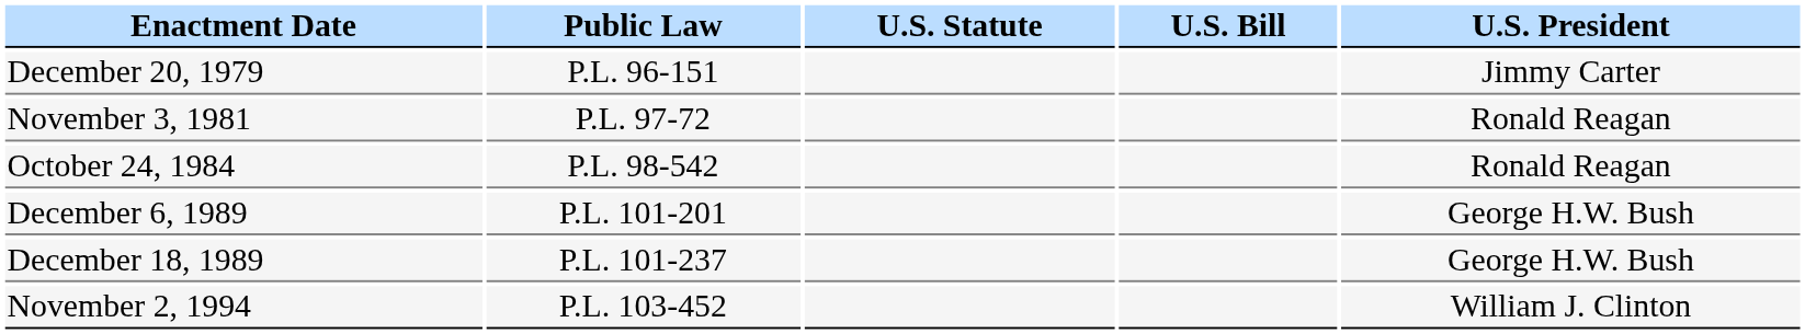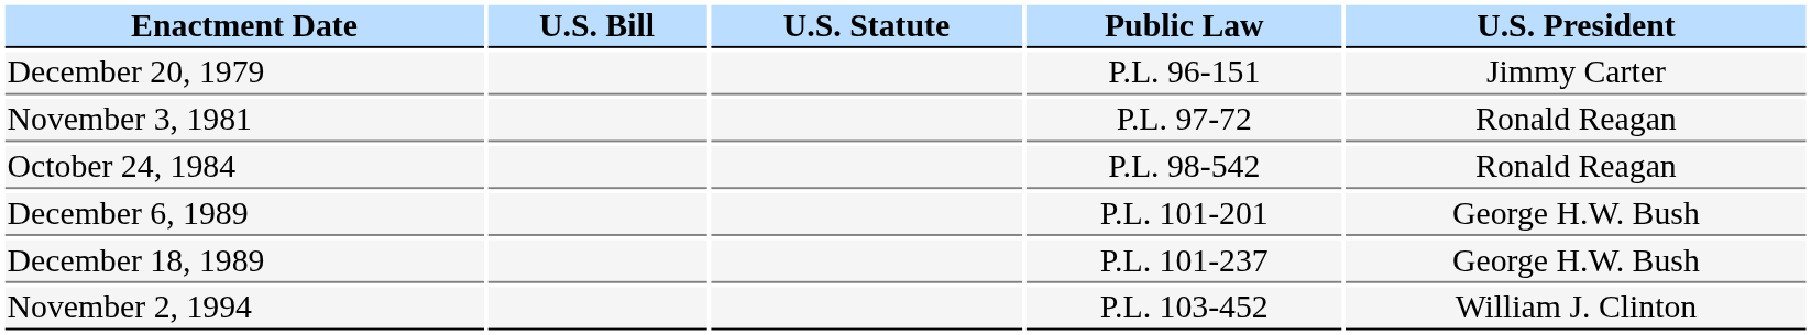 <table style="align:left; width:100%">
 <tr style="font-weight:bold; text-align:center; background:#bbddff; color:black;">
 <th style=" border-bottom:1.5px solid black">Enactment Date</th>
+<th style=" border-bottom:1.5px solid black">U.S. Bill</th>
+<th style=" border-bottom:1.5px solid black">U.S. Statute</th>
 <th style=" border-bottom:1.5px solid black">Public Law</th>
-<th style=" border-bottom:1.5px solid black">U.S. Statute</th>
-<th style=" border-bottom:1.5px solid black">U.S. Bill</th>
 <th style=" border-bottom:1.5px solid black">U.S. President</th>
 </tr>
 <tr>
 <td style="border-bottom:1px solid gray; background:#F5F5F5;">December 20, 1979</td>
-<td style="border-bottom:1px solid gray; background:#F5F5F5; text-align:center;">P.L. 96-151</td>
 <td style="border-bottom:1px solid gray; background:#F5F5F5; text-align:center;"></td>
 <td style="border-bottom:1px solid gray; background:#F5F5F5; text-align:center;"></td>
+<td style="border-bottom:1px solid gray; background:#F5F5F5; text-align:center;">P.L. 96-151</td>
 <td style="border-bottom:1px solid gray; background:#F5F5F5; text-align:center;">Jimmy Carter</td>
 </tr>
 <tr>
 <td style="border-bottom:1px solid gray; background:#F5F5F5;">November 3, 1981</td>
-<td style="border-bottom:1px solid gray; background:#F5F5F5; text-align:center;">P.L. 97-72</td>
 <td style="border-bottom:1px solid gray; background:#F5F5F5; text-align:center;"></td>
 <td style="border-bottom:1px solid gray; background:#F5F5F5; text-align:center;"></td>
+<td style="border-bottom:1px solid gray; background:#F5F5F5; text-align:center;">P.L. 97-72</td>
 <td style="border-bottom:1px solid gray; background:#F5F5F5; text-align:center;">Ronald Reagan</td>
 </tr>
 <tr>
 <td style="border-bottom:1px solid gray; background:#F5F5F5;">October 24, 1984</td>
-<td style="border-bottom:1px solid gray; background:#F5F5F5; text-align:center;">P.L. 98-542</td>
 <td style="border-bottom:1px solid gray; background:#F5F5F5; text-align:center;"></td>
 <td style="border-bottom:1px solid gray; background:#F5F5F5; text-align:center;"></td>
+<td style="border-bottom:1px solid gray; background:#F5F5F5; text-align:center;">P.L. 98-542</td>
 <td style="border-bottom:1px solid gray; background:#F5F5F5; text-align:center;">Ronald Reagan</td>
 </tr>
 <tr>
 <td style="border-bottom:1px solid gray; background:#F5F5F5;">December 6, 1989</td>
-<td style="border-bottom:1px solid gray; background:#F5F5F5; text-align:center;">P.L. 101-201</td>
 <td style="border-bottom:1px solid gray; background:#F5F5F5; text-align:center;"></td>
 <td style="border-bottom:1px solid gray; background:#F5F5F5; text-align:center;"></td>
+<td style="border-bottom:1px solid gray; background:#F5F5F5; text-align:center;">P.L. 101-201</td>
 <td style="border-bottom:1px solid gray; background:#F5F5F5; text-align:center;">George H.W. Bush</td>
 </tr>
 <tr>
 <td style="border-bottom:1px solid gray; background:#F5F5F5;">December 18, 1989</td>
-<td style="border-bottom:1px solid gray; background:#F5F5F5; text-align:center;">P.L. 101-237</td>
 <td style="border-bottom:1px solid gray; background:#F5F5F5; text-align:center;"></td>
 <td style="border-bottom:1px solid gray; background:#F5F5F5; text-align:center;"></td>
+<td style="border-bottom:1px solid gray; background:#F5F5F5; text-align:center;">P.L. 101-237</td>
 <td style="border-bottom:1px solid gray; background:#F5F5F5; text-align:center;">George H.W. Bush</td>
 </tr>
 <tr>
 <td style="border-bottom:1.5px solid black; background:#F5F5F5;">November 2, 1994</td>
-<td style="border-bottom:1.5px solid black; background:#F5F5F5; text-align:center;">P.L. 103-452</td>
 <td style="border-bottom:1.5px solid black; background:#F5F5F5; text-align:center;"></td>
 <td style="border-bottom:1.5px solid black; background:#F5F5F5; text-align:center;"></td>
+<td style="border-bottom:1.5px solid black; background:#F5F5F5; text-align:center;">P.L. 103-452</td>
 <td style="border-bottom:1.5px solid black; background:#F5F5F5; text-align:center;">William J. Clinton</td>
 </tr>
 </table>
